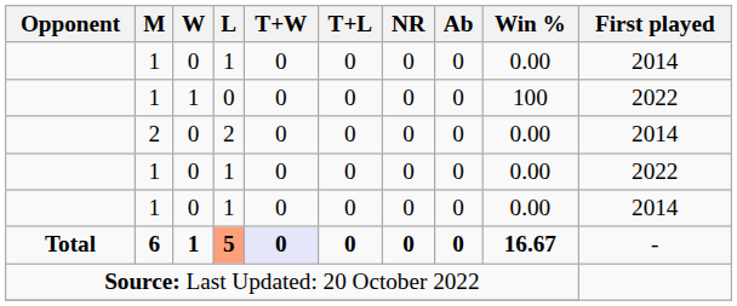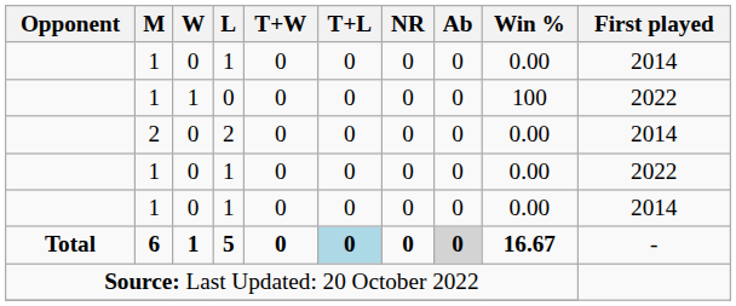 <table class="wikitable" style="text-align: center; width: 500px;">
 <tr>
 <th>Opponent</th>
 <th>M</th>
 <th>W</th>
 <th>L</th>
 <th>T+W</th>
 <th>T+L</th>
 <th>NR</th>
 <th>Ab</th>
 <th>Win %</th>
 <th>First played</th>
 </tr>
 <tr>
 <td align="left"></td>
 <td>1</td>
 <td>0</td>
 <td>1</td>
 <td>0</td>
 <td>0</td>
 <td>0</td>
 <td>0</td>
 <td>0.00</td>
 <td>2014</td>
 </tr>
 <tr>
 <td align="left"></td>
 <td>1</td>
 <td>1</td>
 <td>0</td>
 <td>0</td>
 <td>0</td>
 <td>0</td>
 <td>0</td>
 <td>100</td>
 <td>2022</td>
 </tr>
 <tr>
 <td align="left"></td>
 <td>2</td>
 <td>0</td>
 <td>2</td>
 <td>0</td>
 <td>0</td>
 <td>0</td>
 <td>0</td>
 <td>0.00</td>
 <td>2014</td>
 </tr>
 <tr>
 <td align="left"></td>
 <td>1</td>
 <td>0</td>
 <td>1</td>
 <td>0</td>
 <td>0</td>
 <td>0</td>
 <td>0</td>
 <td>0.00</td>
 <td>2022</td>
 </tr>
 <tr>
 <td align="left"></td>
 <td>1</td>
 <td>0</td>
 <td>1</td>
 <td>0</td>
 <td>0</td>
 <td>0</td>
 <td>0</td>
 <td>0.00</td>
 <td>2014</td>
 </tr>
 <tr>
 <td><strong>Total</strong></td>
 <td><strong>6</strong></td>
 <td><strong>1</strong></td>
-<td style="background: lightsalmon;"><strong>5</strong></td>
-<td style="background: lavender;"><strong>0</strong></td>
+<td><strong>5</strong></td>
 <td><strong>0</strong></td>
+<td style="background: lightblue;"><strong>0</strong></td>
 <td><strong>0</strong></td>
-<td><strong>0</strong></td>
+<td style="background: lightgrey;"><strong>0</strong></td>
 <td><strong>16.67</strong></td>
 <td>-</td>
 </tr>
 <tr>
 <td colspan="9"><strong>Source:</strong> Last Updated: 20 October 2022</td>
 </tr>
 <tr>
 </tr>
 </table>
